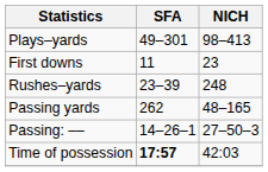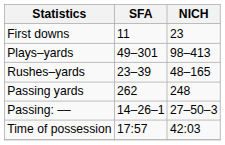 <table class="wikitable" style="float: left;">
 <tr>
 <th>Statistics</th>
 <th>SFA</th>
 <th>NICH</th>
 </tr>
 <tr>
+<td>First downs</td>
+<td>11</td>
+<td>23</td>
+</tr>
+<tr>
 <td>Plays–yards</td>
 <td>49–301</td>
 <td>98–413</td>
 </tr>
 <tr>
-<td>First downs</td>
-<td>11</td>
-<td>23</td>
-</tr>
-<tr>
 <td>Rushes–yards</td>
 <td>23–39</td>
-<td>248</td>
+<td>48–165</td>
 </tr>
 <tr>
 <td>Passing yards</td>
 <td>262</td>
-<td>48–165</td>
+<td>248</td>
 </tr>
 <tr>
 <td>Passing: ––</td>
 <td>14–26–1</td>
 <td>27–50–3</td>
 </tr>
 <tr>
 <td>Time of possession</td>
-<td><strong>17:57</strong></td>
+<td>17:57</td>
 <td>42:03</td>
 </tr>
 <tr>
 </tr>
 </table>
